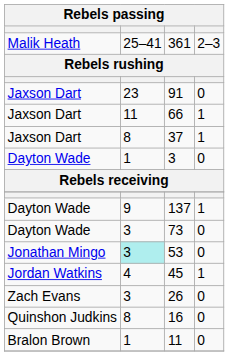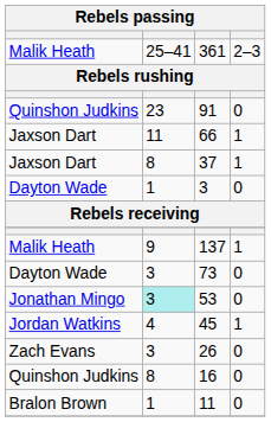 <table class="wikitable plainrowheaders">
 <tr>
 <th colspan="6">Rebels passing</th>
 </tr>
 <tr>
 <th scope="col"></th>
 <th scope="col"></th>
 <th scope="col"></th>
 <th scope="col"></th>
 </tr>
 <tr>
 <td><a href='#'>Malik Heath</a></td>
 <td>25–41</td>
 <td>361</td>
 <td>2–3</td>
 </tr>
 <tr>
 <th colspan="6">Rebels rushing</th>
 </tr>
 <tr>
 <th scope="col"></th>
 <th scope="col"></th>
 <th scope="col"></th>
 <th scope="col"></th>
 </tr>
 <tr>
-<td><a href='#'>Jaxson Dart</a></td>
+<td><a href='#'>Quinshon Judkins</a></td>
 <td>23</td>
 <td>91</td>
 <td>0</td>
 </tr>
 <tr>
 <td>Jaxson Dart</td>
 <td>11</td>
 <td>66</td>
 <td>1</td>
 </tr>
 <tr>
 <td>Jaxson Dart</td>
 <td>8</td>
 <td>37</td>
 <td>1</td>
 </tr>
 <tr>
 <td><a href='#'>Dayton Wade</a></td>
 <td>1</td>
 <td>3</td>
 <td>0</td>
 </tr>
 <tr>
 <th colspan="6">Rebels receiving</th>
 </tr>
 <tr>
 </tr>
 <tr>
 <th scope="col"></th>
 <th scope="col"></th>
 <th scope="col"></th>
 <th scope="col"></th>
 </tr>
 <tr>
-<td>Dayton Wade</td>
+<td><a href='#'>Malik Heath</a></td>
 <td>9</td>
 <td>137</td>
 <td>1</td>
 </tr>
 <tr>
 <td>Dayton Wade</td>
 <td>3</td>
 <td>73</td>
 <td>0</td>
 </tr>
 <tr>
 <td><a href='#'>Jonathan Mingo</a></td>
 <td style="background: paleturquoise;">3</td>
 <td>53</td>
 <td>0</td>
 </tr>
 <tr>
 <td><a href='#'>Jordan Watkins</a></td>
 <td>4</td>
 <td>45</td>
 <td>1</td>
 </tr>
 <tr>
 <td>Zach Evans</td>
 <td>3</td>
 <td>26</td>
 <td>0</td>
 </tr>
 <tr>
 <td>Quinshon Judkins</td>
 <td>8</td>
 <td>16</td>
 <td>0</td>
 </tr>
 <tr>
 <td>Bralon Brown</td>
 <td>1</td>
 <td>11</td>
 <td>0</td>
 </tr>
 <tr>
 </tr>
 </table>
